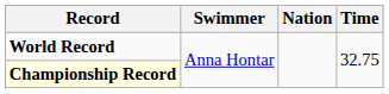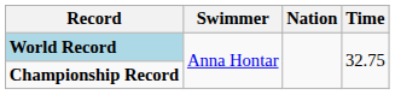 <table class="wikitable">
 <tr>
 <th>Record</th>
 <th>Swimmer</th>
 <th>Nation</th>
 <th>Time</th>
 </tr>
 <tr>
-<td><strong>World Record</strong></td>
+<td style="background: lightblue;"><strong>World Record</strong></td>
 <td rowspan="2"><a href='#'>Anna Hontar</a></td>
 <td rowspan="2"></td>
 <td rowspan="2">32.75</td>
 </tr>
 <tr>
-<td style="background: lightyellow;"><strong>Championship Record</strong></td>
+<td><strong>Championship Record</strong></td>
 </tr>
 </table>
